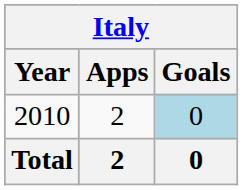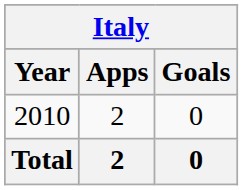 <table class="wikitable" style="text-align:center">
 <tr>
 <th colspan=3><a href='#'>Italy</a></th>
 </tr>
 <tr>
 <th>Year</th>
 <th>Apps</th>
 <th>Goals</th>
 </tr>
 <tr>
 <td>2010</td>
 <td>2</td>
-<td style="background: lightblue;">0</td>
+<td>0</td>
 </tr>
 <tr>
 <th>Total</th>
 <th>2</th>
 <th>0</th>
 </tr>
 </table>
